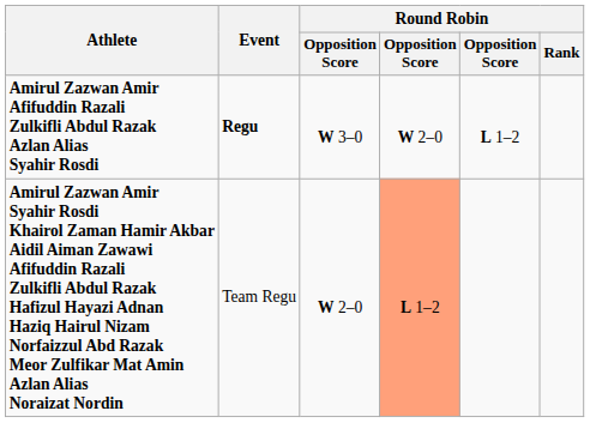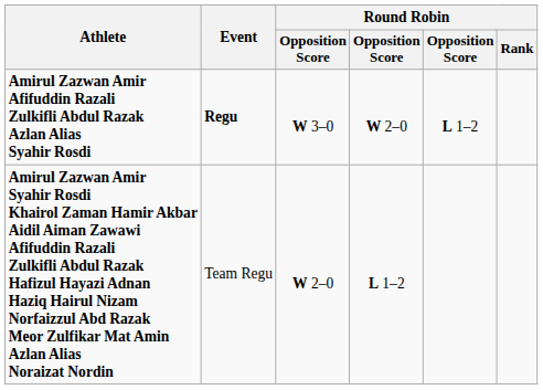 <table class="wikitable" style="font-size:90%">
 <tr>
 <th rowspan=2>Athlete</th>
 <th rowspan=2>Event</th>
 <th colspan="4">Round Robin</th>
 </tr>
 <tr style="font-size:95%">
 <th>Opposition<br>Score</th>
 <th>Opposition<br>Score</th>
 <th>Opposition<br>Score</th>
 <th>Rank</th>
 </tr>
 <tr align=center>
 <td align=left><strong>Amirul Zazwan Amir<br>Afifuddin Razali<br>Zulkifli Abdul Razak<br>Azlan Alias<br>Syahir Rosdi</strong></td>
 <td align=left><strong>Regu</strong></td>
 <td><br><strong>W</strong> 3–0</td>
 <td><br><strong>W</strong> 2–0</td>
 <td><br><strong>L</strong> 1–2</td>
 <td></td>
 </tr>
 <tr align=center>
 <td align=left><strong>Amirul Zazwan Amir<br>Syahir Rosdi<br>Khairol Zaman Hamir Akbar<br>Aidil Aiman Zawawi<br>Afifuddin Razali<br>Zulkifli Abdul Razak<br>Hafizul Hayazi Adnan<br>Haziq Hairul Nizam<br>Norfaizzul Abd Razak<br>Meor Zulfikar Mat Amin<br>Azlan Alias<br>Noraizat Nordin</strong></td>
 <td align=left>Team Regu</td>
 <td><br><strong>W</strong> 2–0</td>
-<td style="background: lightsalmon;"><br><strong>L</strong> 1–2</td>
+<td><br><strong>L</strong> 1–2</td>
 <td></td>
 <td></td>
 </tr>
 </table>
